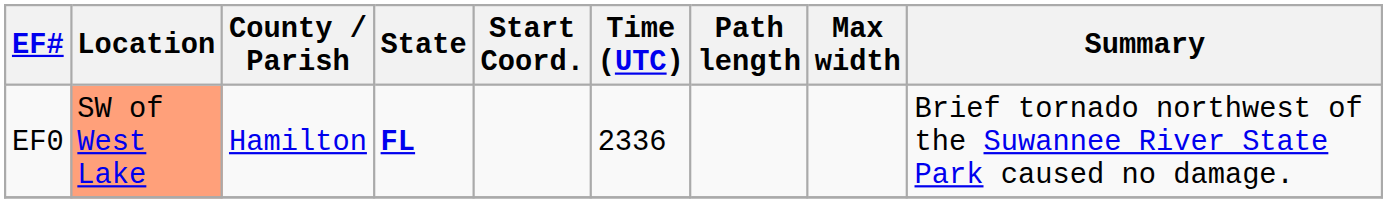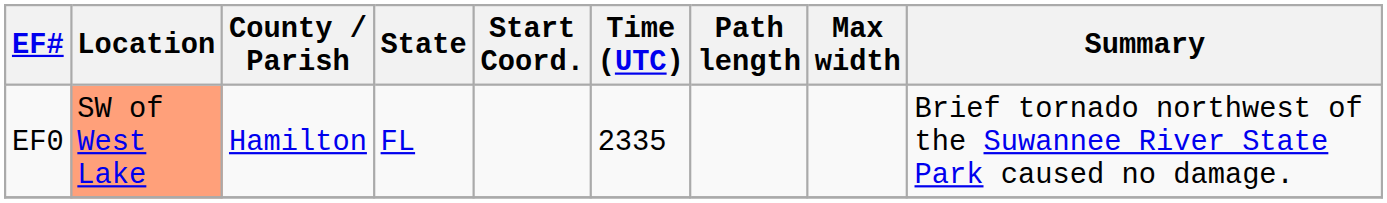 <table class="wikitable sortable" style="width:100%;">
 <tr>
 <th scope="col" width="3%" align="center"><a href='#'>EF#</a></th>
 <th scope="col" width="7%" align="center" class="unsortable">Location</th>
 <th scope="col" width="6%" align="center" class="unsortable">County / Parish</th>
 <th scope="col" width="5%" align="center">State</th>
 <th scope="col" width="6%" align="center">Start Coord.</th>
 <th scope="col" width="6%" align="center">Time (<a href='#'>UTC</a>)</th>
 <th scope="col" width="6%" align="center">Path length</th>
 <th scope="col" width="6%" align="center">Max width</th>
 <th scope="col" width="48%" class="unsortable" align="center">Summary</th>
 </tr>
 <tr>
 <td>EF0</td>
 <td style="background: lightsalmon;">SW of <a href='#'>West Lake</a></td>
 <td><a href='#'>Hamilton</a></td>
-<td><strong><a href='#'>FL</a></strong></td>
+<td><a href='#'>FL</a></td>
 <td></td>
-<td>2336</td>
+<td>2335</td>
 <td></td>
 <td></td>
 <td>Brief tornado northwest of the <a href='#'>Suwannee River State Park</a> caused no damage.</td>
 </tr>
 <tr>
 </tr>
 </table>
